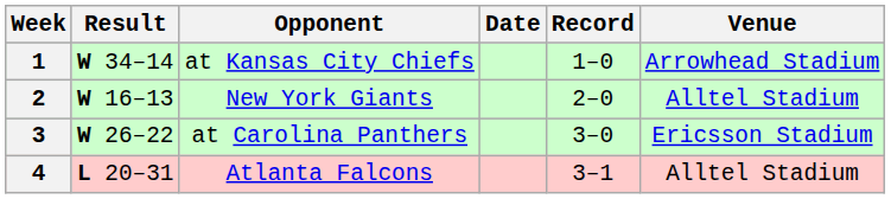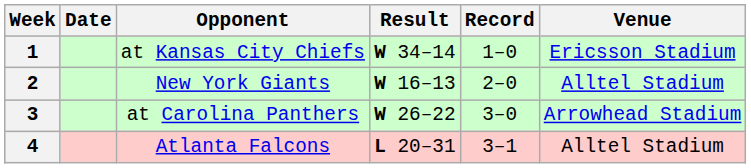 <table class="wikitable" style="text-align:center">
 <tr>
 <th>Week</th>
+<th>Date</th>
+<th>Opponent</th>
 <th>Result</th>
-<th>Opponent</th>
-<th>Date</th>
 <th>Record</th>
 <th>Venue</th>
 </tr>
 <tr style="background:#cfc">
 <th>1</th>
+<td></td>
+<td>at <a href='#'>Kansas City Chiefs</a></td>
 <td><strong>W</strong> 34–14</td>
-<td>at <a href='#'>Kansas City Chiefs</a></td>
-<td></td>
 <td>1–0</td>
-<td><a href='#'>Arrowhead Stadium</a></td>
+<td><a href='#'>Ericsson Stadium</a></td>
 </tr>
 <tr style="background:#cfc">
 <th>2</th>
+<td></td>
+<td><a href='#'>New York Giants</a></td>
 <td><strong>W</strong> 16–13</td>
-<td><a href='#'>New York Giants</a></td>
-<td></td>
 <td>2–0</td>
 <td><a href='#'>Alltel Stadium</a></td>
 </tr>
 <tr style="background:#cfc">
 <th>3</th>
+<td></td>
+<td>at <a href='#'>Carolina Panthers</a></td>
 <td><strong>W</strong> 26–22</td>
-<td>at <a href='#'>Carolina Panthers</a></td>
-<td></td>
 <td>3–0</td>
-<td><a href='#'>Ericsson Stadium</a></td>
+<td><a href='#'>Arrowhead Stadium</a></td>
 </tr>
 <tr style="background:#fcc">
 <th>4</th>
+<td></td>
+<td><a href='#'>Atlanta Falcons</a></td>
 <td><strong>L</strong> 20–31</td>
-<td><a href='#'>Atlanta Falcons</a></td>
-<td></td>
 <td>3–1</td>
 <td>Alltel Stadium</td>
 </tr>
 </table>
